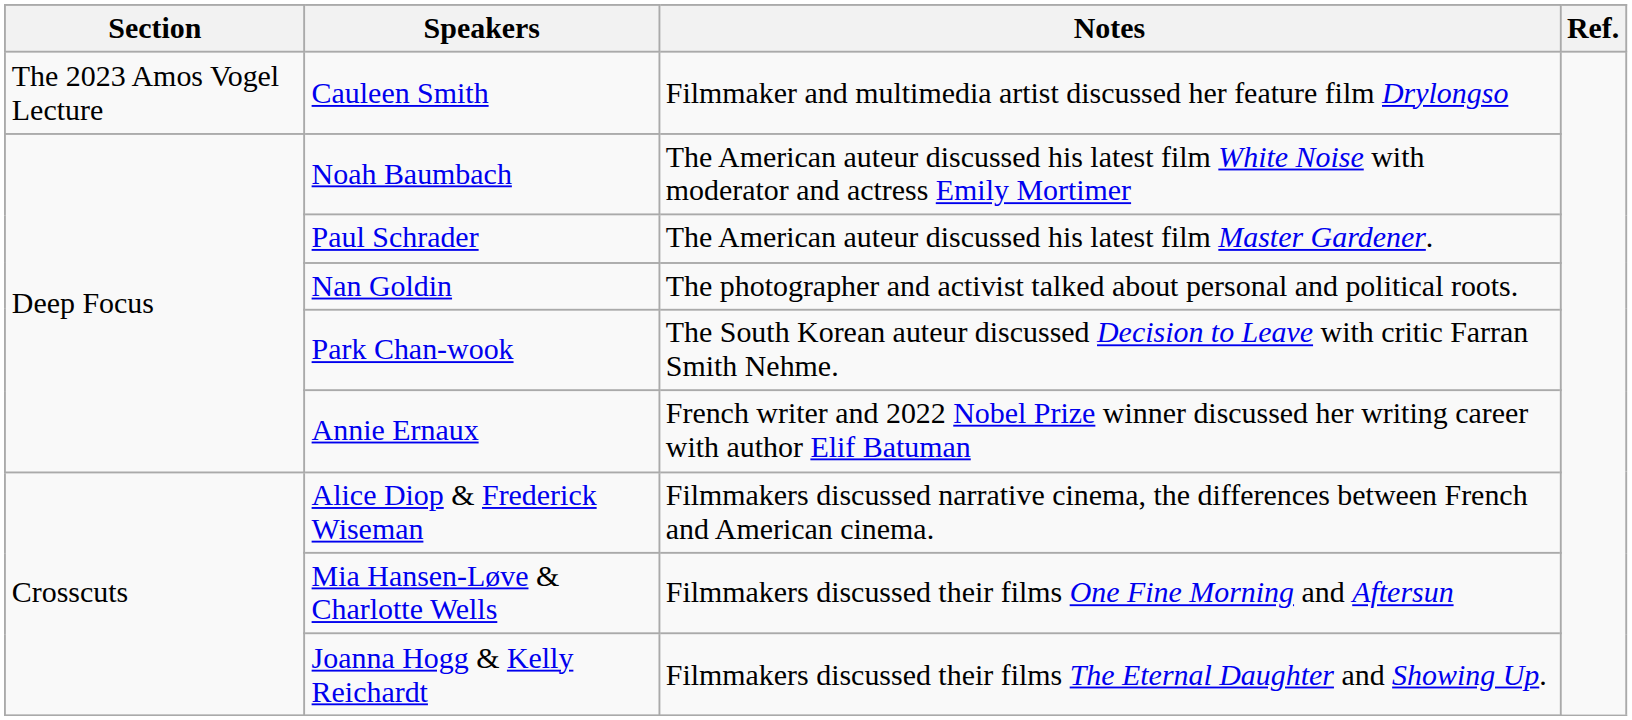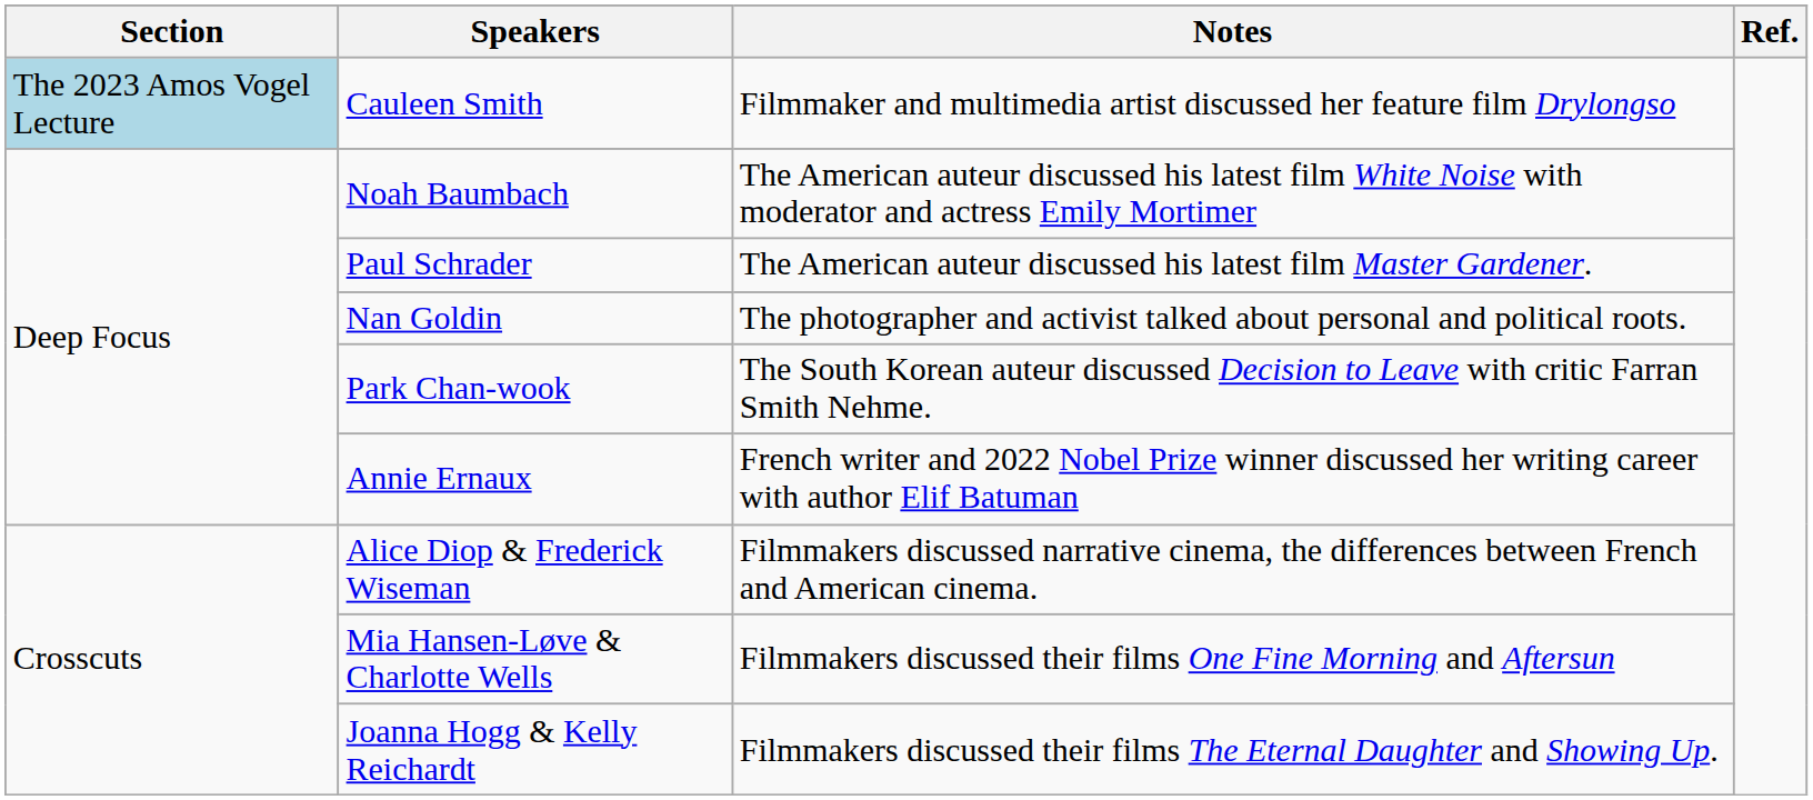 <table class="wikitable sortable plainrowheaders">
 <tr>
 <th>Section</th>
 <th>Speakers</th>
 <th>Notes</th>
 <th class="unsortable">Ref.</th>
 </tr>
 <tr>
-<td>The 2023 Amos Vogel Lecture</td>
+<td style="background: lightblue;">The 2023 Amos Vogel Lecture</td>
 <td><a href='#'>Cauleen Smith</a></td>
 <td>Filmmaker and multimedia artist discussed her feature film <em><a href='#'>Drylongso</a></em></td>
 <td rowspan=10></td>
 </tr>
 <tr>
 <td rowspan=5>Deep Focus</td>
 <td><a href='#'>Noah Baumbach</a></td>
 <td>The American auteur discussed his latest film <em><a href='#'>White Noise</a></em> with moderator and actress <a href='#'>Emily Mortimer</a></td>
 </tr>
 <tr>
 <td><a href='#'>Paul Schrader</a></td>
 <td>The American auteur discussed his latest film <em><a href='#'>Master Gardener</a></em>.</td>
 </tr>
 <tr>
 <td><a href='#'>Nan Goldin</a></td>
 <td>The photographer and activist talked about personal and political roots.</td>
 </tr>
 <tr>
 <td><a href='#'>Park Chan-wook</a></td>
 <td>The South Korean auteur discussed <em><a href='#'>Decision to Leave</a></em> with critic Farran Smith Nehme.</td>
 </tr>
 <tr>
 <td><a href='#'>Annie Ernaux</a></td>
 <td>French writer and 2022 <a href='#'>Nobel Prize</a> winner discussed her writing career with author <a href='#'>Elif Batuman</a></td>
 </tr>
 <tr>
 <td rowspan=3>Crosscuts</td>
 <td><a href='#'>Alice Diop</a> & <a href='#'>Frederick Wiseman</a></td>
 <td>Filmmakers discussed narrative cinema, the differences between French and American cinema.</td>
 </tr>
 <tr>
 <td><a href='#'>Mia Hansen-Løve</a> & <a href='#'>Charlotte Wells</a></td>
 <td>Filmmakers discussed their films <em><a href='#'>One Fine Morning</a></em> and <em><a href='#'>Aftersun</a></em></td>
 </tr>
 <tr>
 <td><a href='#'>Joanna Hogg</a> & <a href='#'>Kelly Reichardt</a></td>
 <td>Filmmakers discussed their films <em><a href='#'>The Eternal Daughter</a></em> and <em><a href='#'>Showing Up</a></em>.</td>
 </tr>
 <tr>
 </tr>
 </table>
